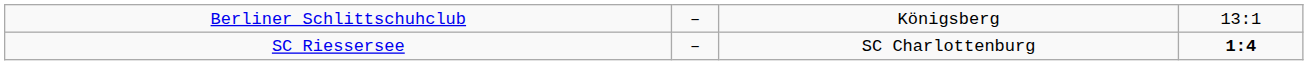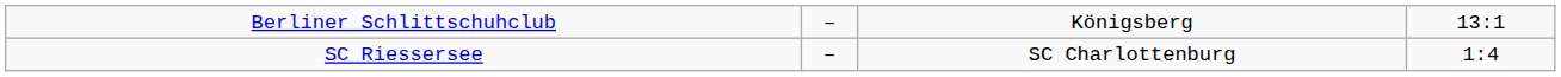 <table class="wikitable" width="50%">
 <tr align="center">
 <td><a href='#'>Berliner Schlittschuhclub</a></td>
 <td>–</td>
 <td>Königsberg</td>
 <td>13:1</td>
 </tr>
 <tr align="center">
 <td><a href='#'>SC Riessersee</a></td>
 <td>–</td>
 <td>SC Charlottenburg</td>
-<td><strong>1:4</strong></td>
+<td>1:4</td>
 </tr>
 </table>
